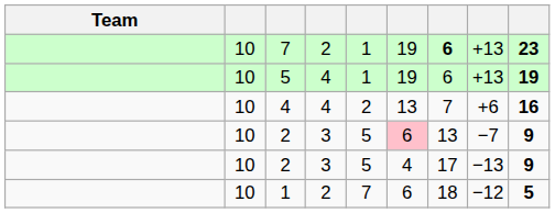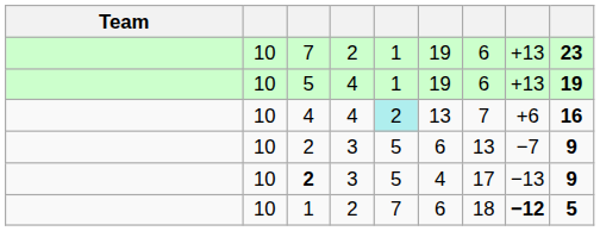 <table class="wikitable" style="text-align: center; font-size: 90%;">
 <tr>
 <th width=165>Team</th>
 <th width=25></th>
 <th width=25></th>
 <th width=25></th>
 <th width=25></th>
 <th width=25></th>
 <th width=25></th>
 <th width=25></th>
 <th width=25></th>
 </tr>
 <tr style="background:#cfc;">
 <td align=left></td>
 <td>10</td>
 <td>7</td>
 <td>2</td>
 <td>1</td>
 <td>19</td>
-<td><strong>6</strong></td>
+<td>6</td>
 <td>+13</td>
 <td><strong>23</strong></td>
 </tr>
 <tr style="background:#cfc;">
 <td align=left></td>
 <td>10</td>
 <td>5</td>
 <td>4</td>
 <td>1</td>
 <td>19</td>
 <td>6</td>
 <td>+13</td>
 <td><strong>19</strong></td>
 </tr>
 <tr>
 <td align=left></td>
 <td>10</td>
 <td>4</td>
 <td>4</td>
-<td>2</td>
+<td style="background: paleturquoise;">2</td>
 <td>13</td>
 <td>7</td>
 <td>+6</td>
 <td><strong>16</strong></td>
 </tr>
 <tr>
 <td align=left></td>
 <td>10</td>
 <td>2</td>
 <td>3</td>
 <td>5</td>
-<td style="background: pink;">6</td>
+<td>6</td>
 <td>13</td>
 <td>−7</td>
 <td><strong>9</strong></td>
 </tr>
 <tr>
 <td align=left></td>
 <td>10</td>
-<td>2</td>
+<td><strong>2</strong></td>
 <td>3</td>
 <td>5</td>
 <td>4</td>
 <td>17</td>
 <td>−13</td>
 <td><strong>9</strong></td>
 </tr>
 <tr>
 <td align=left></td>
 <td>10</td>
 <td>1</td>
 <td>2</td>
 <td>7</td>
 <td>6</td>
 <td>18</td>
-<td>−12</td>
+<td><strong>−12</strong></td>
 <td><strong>5</strong></td>
 </tr>
 </table>
